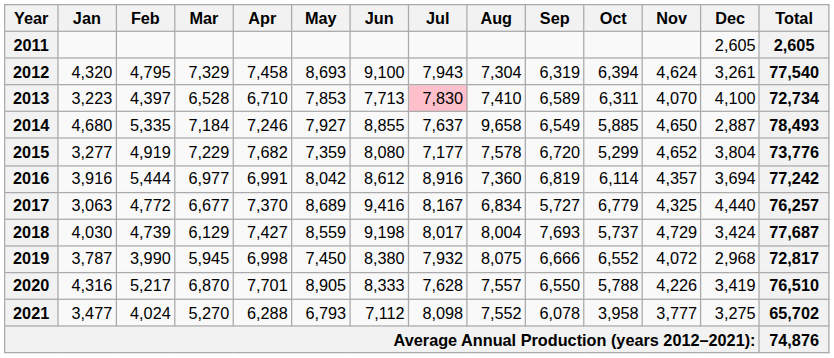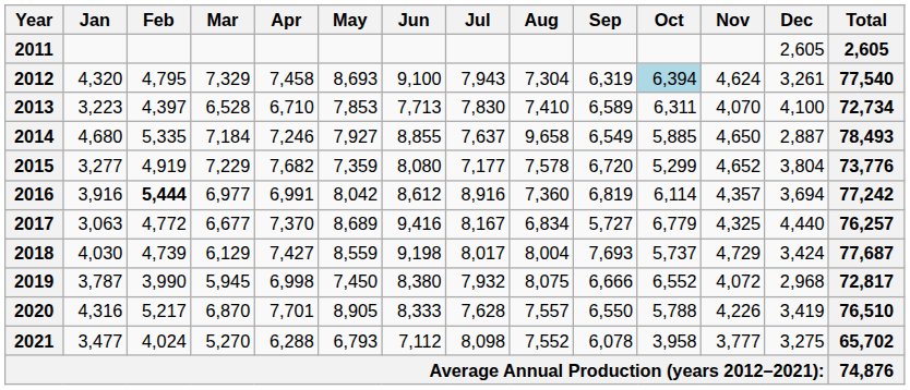 <table class=wikitable style="text-align:right; font-size:0.8em; width:650px;">
 <tr>
 <th>Year</th>
 <th>Jan</th>
 <th>Feb</th>
 <th>Mar</th>
 <th>Apr</th>
 <th>May</th>
 <th>Jun</th>
 <th>Jul</th>
 <th>Aug</th>
 <th>Sep</th>
 <th>Oct</th>
 <th>Nov</th>
 <th>Dec</th>
 <th>Total</th>
 </tr>
 <tr>
 <th>2011</th>
 <td></td>
 <td></td>
 <td></td>
 <td></td>
 <td></td>
 <td></td>
 <td></td>
 <td></td>
 <td></td>
 <td></td>
 <td></td>
 <td>2,605</td>
 <th>2,605</th>
 </tr>
 <tr>
 <th>2012</th>
 <td>4,320</td>
 <td>4,795</td>
 <td>7,329</td>
 <td>7,458</td>
 <td>8,693</td>
 <td>9,100</td>
 <td>7,943</td>
 <td>7,304</td>
 <td>6,319</td>
-<td>6,394</td>
+<td style="background: lightblue;">6,394</td>
 <td>4,624</td>
 <td>3,261</td>
 <th>77,540</th>
 </tr>
 <tr>
 <th>2013</th>
 <td>3,223</td>
 <td>4,397</td>
 <td>6,528</td>
 <td>6,710</td>
 <td>7,853</td>
 <td>7,713</td>
-<td style="background: pink;">7,830</td>
+<td>7,830</td>
 <td>7,410</td>
 <td>6,589</td>
 <td>6,311</td>
 <td>4,070</td>
 <td>4,100</td>
 <th>72,734</th>
 </tr>
 <tr>
 <th>2014</th>
 <td>4,680</td>
 <td>5,335</td>
 <td>7,184</td>
 <td>7,246</td>
 <td>7,927</td>
 <td>8,855</td>
 <td>7,637</td>
 <td>9,658</td>
 <td>6,549</td>
 <td>5,885</td>
 <td>4,650</td>
 <td>2,887</td>
 <th>78,493</th>
 </tr>
 <tr>
 <th>2015</th>
 <td>3,277</td>
 <td>4,919</td>
 <td>7,229</td>
 <td>7,682</td>
 <td>7,359</td>
 <td>8,080</td>
 <td>7,177</td>
 <td>7,578</td>
 <td>6,720</td>
 <td>5,299</td>
 <td>4,652</td>
 <td>3,804</td>
 <th>73,776</th>
 </tr>
 <tr>
 <th>2016</th>
 <td>3,916</td>
-<td>5,444</td>
+<td><strong>5,444</strong></td>
 <td>6,977</td>
 <td>6,991</td>
 <td>8,042</td>
 <td>8,612</td>
 <td>8,916</td>
 <td>7,360</td>
 <td>6,819</td>
 <td>6,114</td>
 <td>4,357</td>
 <td>3,694</td>
 <th>77,242</th>
 </tr>
 <tr>
 <th>2017</th>
 <td>3,063</td>
 <td>4,772</td>
 <td>6,677</td>
 <td>7,370</td>
 <td>8,689</td>
 <td>9,416</td>
 <td>8,167</td>
 <td>6,834</td>
 <td>5,727</td>
 <td>6,779</td>
 <td>4,325</td>
 <td>4,440</td>
 <th>76,257</th>
 </tr>
 <tr>
 <th>2018</th>
 <td>4,030</td>
 <td>4,739</td>
 <td>6,129</td>
 <td>7,427</td>
 <td>8,559</td>
 <td>9,198</td>
 <td>8,017</td>
 <td>8,004</td>
 <td>7,693</td>
 <td>5,737</td>
 <td>4,729</td>
 <td>3,424</td>
 <th>77,687</th>
 </tr>
 <tr>
 <th>2019</th>
 <td>3,787</td>
 <td>3,990</td>
 <td>5,945</td>
 <td>6,998</td>
 <td>7,450</td>
 <td>8,380</td>
 <td>7,932</td>
 <td>8,075</td>
 <td>6,666</td>
 <td>6,552</td>
 <td>4,072</td>
 <td>2,968</td>
 <th>72,817</th>
 </tr>
 <tr>
 <th>2020</th>
 <td>4,316</td>
 <td>5,217</td>
 <td>6,870</td>
 <td>7,701</td>
 <td>8,905</td>
 <td>8,333</td>
 <td>7,628</td>
 <td>7,557</td>
 <td>6,550</td>
 <td>5,788</td>
 <td>4,226</td>
 <td>3,419</td>
 <th>76,510</th>
 </tr>
 <tr>
 <th>2021</th>
 <td>3,477</td>
 <td>4,024</td>
 <td>5,270</td>
 <td>6,288</td>
 <td>6,793</td>
 <td>7,112</td>
 <td>8,098</td>
 <td>7,552</td>
 <td>6,078</td>
 <td>3,958</td>
 <td>3,777</td>
 <td>3,275</td>
 <th>65,702</th>
 </tr>
 <tr>
 <th colspan=13 style="text-align: right;">Average Annual Production (years 2012–2021):</th>
 <th>74,876</th>
 </tr>
 </table>
